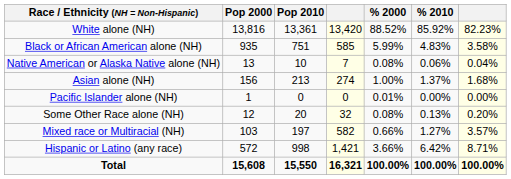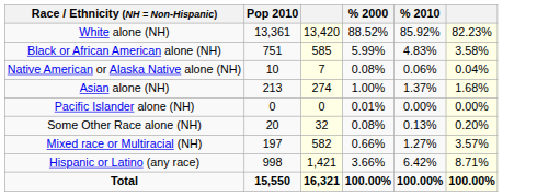 <table class="wikitable" style="text-align:center;">
 <tr>
 <th>Race / Ethnicity <small>(<em>NH = Non-Hispanic</em>)</small></th>
-<th>Pop 2000</th>
 <th>Pop 2010</th>
 <th></th>
 <th>% 2000</th>
 <th>% 2010</th>
 <th></th>
 </tr>
 <tr>
 <td><a href='#'>White</a> alone (NH)</td>
-<td>13,816</td>
 <td>13,361</td>
 <td style='background: #ffffe6;'>13,420</td>
 <td>88.52%</td>
 <td>85.92%</td>
 <td style='background: #ffffe6;'>82.23%</td>
 </tr>
 <tr>
 <td><a href='#'>Black or African American</a> alone (NH)</td>
-<td>935</td>
 <td>751</td>
 <td style='background: #ffffe6;'>585</td>
 <td>5.99%</td>
 <td>4.83%</td>
 <td style='background: #ffffe6;'>3.58%</td>
 </tr>
 <tr>
 <td><a href='#'>Native American</a> or <a href='#'>Alaska Native</a> alone (NH)</td>
-<td>13</td>
 <td>10</td>
 <td style='background: #ffffe6;'>7</td>
 <td>0.08%</td>
 <td>0.06%</td>
 <td style='background: #ffffe6;'>0.04%</td>
 </tr>
 <tr>
 <td><a href='#'>Asian</a> alone (NH)</td>
-<td>156</td>
 <td>213</td>
 <td style='background: #ffffe6;'>274</td>
 <td>1.00%</td>
 <td>1.37%</td>
 <td style='background: #ffffe6;'>1.68%</td>
 </tr>
 <tr>
 <td><a href='#'>Pacific Islander</a> alone (NH)</td>
-<td>1</td>
 <td>0</td>
 <td style='background: #ffffe6;'>0</td>
 <td>0.01%</td>
 <td>0.00%</td>
 <td style='background: #ffffe6;'>0.00%</td>
 </tr>
 <tr>
 <td>Some Other Race alone (NH)</td>
-<td>12</td>
 <td>20</td>
 <td style='background: #ffffe6;'>32</td>
 <td>0.08%</td>
 <td>0.13%</td>
 <td style='background: #ffffe6;'>0.20%</td>
 </tr>
 <tr>
 <td><a href='#'>Mixed race or Multiracial</a> (NH)</td>
-<td>103</td>
 <td>197</td>
 <td style='background: #ffffe6;'>582</td>
 <td>0.66%</td>
 <td>1.27%</td>
 <td style='background: #ffffe6;'>3.57%</td>
 </tr>
 <tr>
 <td><a href='#'>Hispanic or Latino</a> (any race)</td>
-<td>572</td>
 <td>998</td>
 <td style='background: #ffffe6;'>1,421</td>
 <td>3.66%</td>
 <td>6.42%</td>
 <td style='background: #ffffe6;'>8.71%</td>
 </tr>
 <tr>
 <td><strong>Total</strong></td>
-<td><strong>15,608</strong></td>
 <td><strong>15,550</strong></td>
 <td style='background: #ffffe6;'><strong>16,321</strong></td>
 <td><strong>100.00%</strong></td>
 <td><strong>100.00%</strong></td>
 <td style='background: #ffffe6;'><strong>100.00%</strong></td>
 </tr>
 </table>
